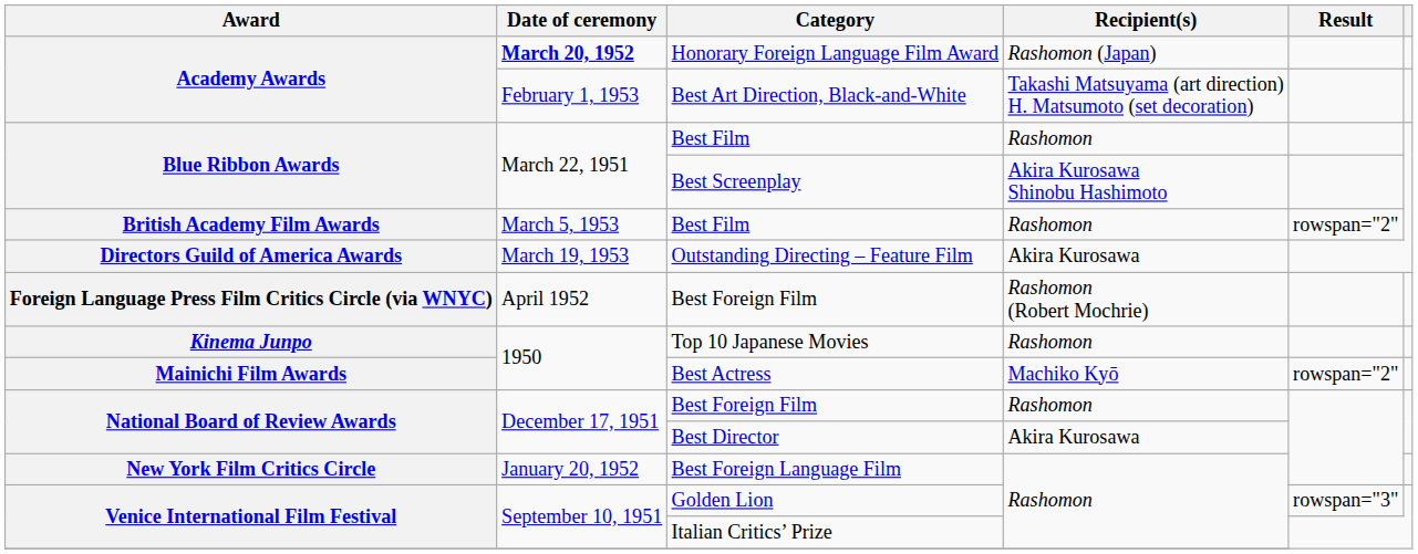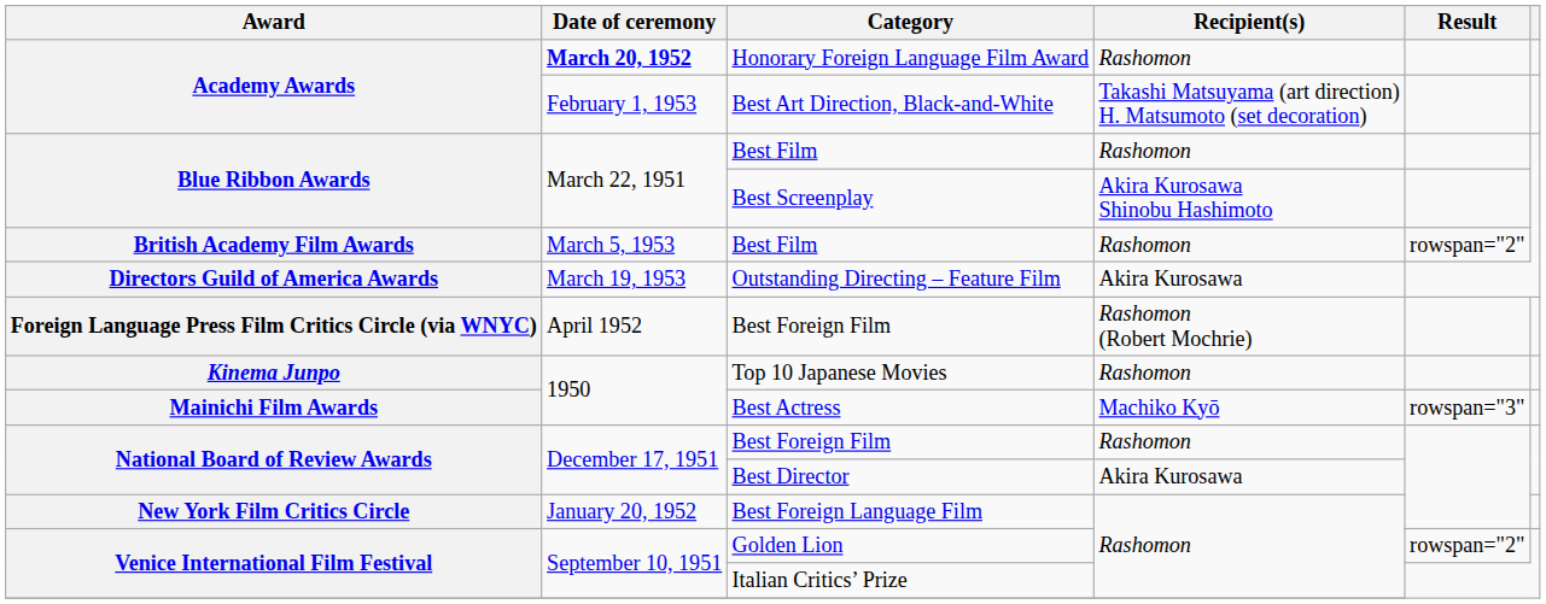 <table class="wikitable sortable plainrowheaders">
 <tr>
 <th scope="col">Award</th>
 <th scope="col">Date of ceremony</th>
 <th scope="col">Category</th>
 <th scope="col">Recipient(s)</th>
 <th scope="col">Result</th>
 <th class="unsortable" scope="col"></th>
 </tr>
 <tr>
 <th rowspan="2" scope="row" style="text-align:center;"><a href='#'>Academy Awards</a></th>
 <td><strong><a href='#'>March 20, 1952</a></strong></td>
 <td><a href='#'>Honorary Foreign Language Film Award</a></td>
-<td><em>Rashomon</em> (<a href='#'>Japan</a>)</td>
+<td><em>Rashomon</em></td>
 <td></td>
 <td></td>
 </tr>
 <tr>
 <td><a href='#'>February 1, 1953</a></td>
 <td><a href='#'>Best Art Direction, Black-and-White</a></td>
 <td><a href='#'>Takashi Matsuyama</a> (art direction)<br><a href='#'>H. Matsumoto</a> (<a href='#'>set decoration</a>)</td>
 <td></td>
 <td></td>
 </tr>
 <tr>
 <th rowspan="2" scope="row" style="text-align:center;"><a href='#'>Blue Ribbon Awards</a></th>
 <td rowspan="2">March 22, 1951</td>
 <td><a href='#'>Best Film</a></td>
 <td><em>Rashomon</em></td>
 <td></td>
 </tr>
 <tr>
 <td><a href='#'>Best Screenplay</a></td>
 <td><a href='#'>Akira Kurosawa</a><br><a href='#'>Shinobu Hashimoto</a></td>
 <td></td>
 </tr>
 <tr>
 <th scope="row" style="text-align:center;"><a href='#'>British Academy Film Awards</a></th>
 <td><a href='#'>March 5, 1953</a></td>
 <td><a href='#'>Best Film</a></td>
 <td><em>Rashomon</em></td>
 <td>rowspan="2" </td>
 </tr>
 <tr>
 <th scope="row" style="text-align:center;"><a href='#'>Directors Guild of America Awards</a></th>
 <td><a href='#'>March 19, 1953</a></td>
 <td><a href='#'>Outstanding Directing – Feature Film</a></td>
 <td>Akira Kurosawa</td>
 </tr>
 <tr>
 <th scope="row" style="text-align:center;">Foreign Language Press Film Critics Circle (via <a href='#'>WNYC</a>)</th>
 <td> April 1952</td>
 <td>Best Foreign Film</td>
 <td><em>Rashomon</em><br>(Robert Mochrie)</td>
 <td></td>
 <td></td>
 </tr>
 <tr>
 <th scope="row" style="text-align:center;"><em><a href='#'>Kinema Junpo</a></em></th>
 <td rowspan="2">1950</td>
 <td>Top 10 Japanese Movies</td>
 <td><em>Rashomon</em></td>
 <td></td>
 </tr>
 <tr>
 <th scope="row" style="text-align:center;"><a href='#'>Mainichi Film Awards</a></th>
 <td><a href='#'>Best Actress</a></td>
 <td><a href='#'>Machiko Kyō</a></td>
-<td>rowspan="2" </td>
+<td>rowspan="3" </td>
 <td></td>
 </tr>
 <tr>
 <th rowspan="2" scope="row" style="text-align:center;"><a href='#'>National Board of Review Awards</a></th>
 <td rowspan="2"><a href='#'>December 17, 1951</a></td>
 <td><a href='#'>Best Foreign Film</a></td>
 <td><em>Rashomon</em></td>
 <td rowspan="3"></td>
 </tr>
 <tr>
 <td><a href='#'>Best Director</a></td>
 <td>Akira Kurosawa</td>
 </tr>
 <tr>
 <th scope="row" style="text-align:center;"><a href='#'>New York Film Critics Circle</a></th>
 <td><a href='#'>January 20, 1952</a></td>
 <td><a href='#'>Best Foreign Language Film</a></td>
 <td rowspan="3"><em>Rashomon</em></td>
 <td></td>
 </tr>
 <tr>
 <th rowspan="2" scope="row" style="text-align:center;"><a href='#'>Venice International Film Festival</a></th>
 <td rowspan="2"><a href='#'>September 10, 1951</a></td>
 <td><a href='#'>Golden Lion</a></td>
-<td>rowspan="3" </td>
+<td>rowspan="2" </td>
 </tr>
 <tr>
 <td>Italian Critics’ Prize</td>
 </tr>
 <tr>
 </tr>
 </table>
